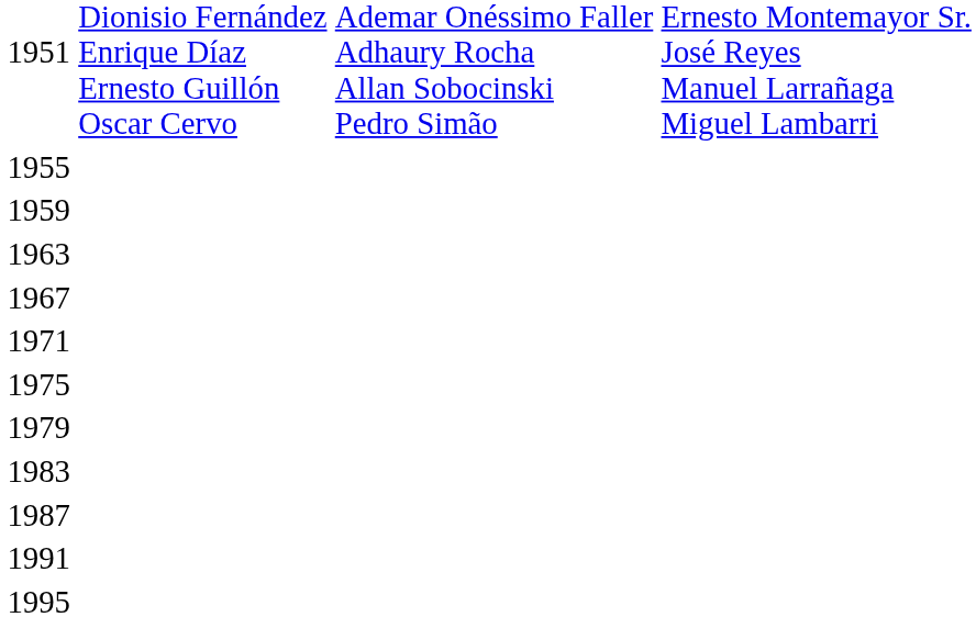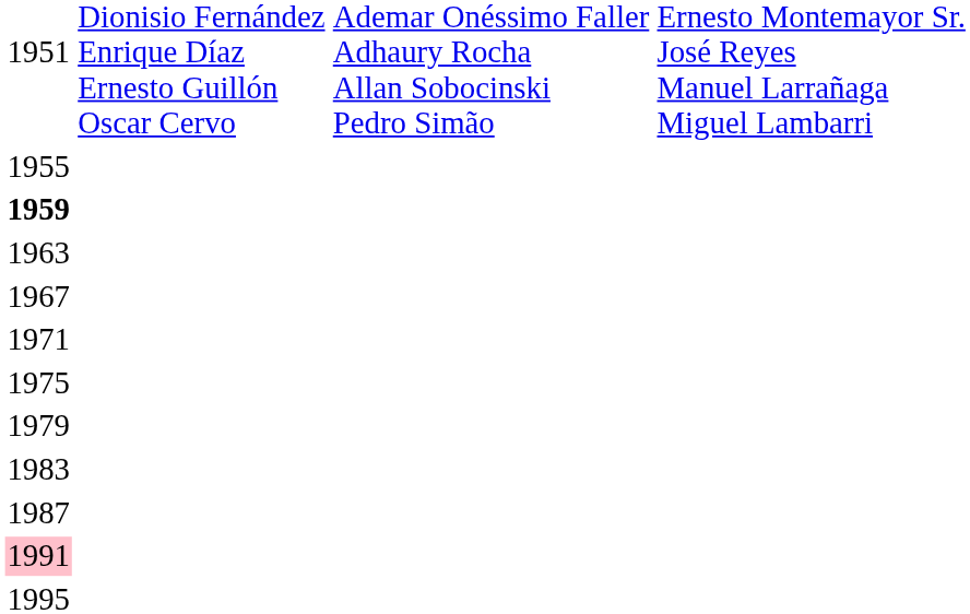 <table>
 <tr>
 <td>1951</td>
 <td><br><a href='#'>Dionisio Fernández</a> <br> <a href='#'>Enrique Díaz</a> <br> <a href='#'>Ernesto Guillón</a> <br> <a href='#'>Oscar Cervo</a></td>
 <td><br><a href='#'>Ademar Onéssimo Faller</a> <br> <a href='#'>Adhaury Rocha</a> <br> <a href='#'>Allan Sobocinski</a> <br> <a href='#'>Pedro Simão</a></td>
 <td><br><a href='#'>Ernesto Montemayor Sr.</a> <br> <a href='#'>José Reyes</a> <br> <a href='#'>Manuel Larrañaga</a> <br> <a href='#'>Miguel Lambarri</a></td>
 </tr>
 <tr>
 <td>1955</td>
 <td></td>
 <td></td>
 <td></td>
 </tr>
 <tr>
-<td>1959</td>
+<td><strong>1959</strong></td>
 <td></td>
 <td></td>
 <td></td>
 </tr>
 <tr>
 <td>1963</td>
 <td></td>
 <td></td>
 <td></td>
 </tr>
 <tr>
 <td>1967</td>
 <td></td>
 <td></td>
 <td></td>
 </tr>
 <tr>
 <td>1971</td>
 <td></td>
 <td></td>
 <td></td>
 </tr>
 <tr>
 <td>1975</td>
 <td></td>
 <td></td>
 <td></td>
 </tr>
 <tr>
 <td>1979</td>
 <td></td>
 <td></td>
 <td></td>
 </tr>
 <tr>
 <td>1983</td>
 <td></td>
 <td></td>
 <td></td>
 </tr>
 <tr>
 <td>1987</td>
 <td></td>
 <td></td>
 <td></td>
 </tr>
 <tr>
-<td>1991</td>
+<td style="background: pink;">1991</td>
 <td></td>
 <td></td>
 <td></td>
 </tr>
 <tr>
 <td>1995</td>
 <td></td>
 <td></td>
 <td></td>
 </tr>
 </table>
